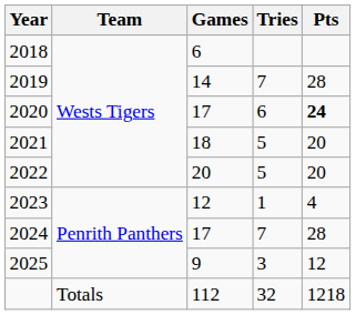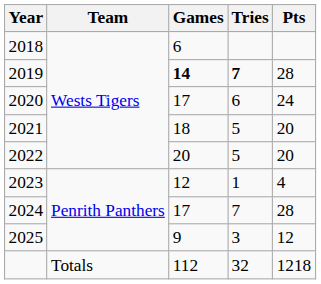 <table class="wikitable">
 <tr>
 <th>Year</th>
 <th>Team</th>
 <th>Games</th>
 <th>Tries</th>
 <th>Pts</th>
 </tr>
 <tr>
 <td>2018</td>
 <td rowspan="5"> <a href='#'>Wests Tigers</a></td>
 <td>6</td>
 <td></td>
 <td></td>
 </tr>
 <tr>
 <td>2019</td>
-<td>14</td>
-<td>7</td>
+<td><strong>14</strong></td>
+<td><strong>7</strong></td>
 <td>28</td>
 </tr>
 <tr>
 <td>2020</td>
 <td>17</td>
 <td>6</td>
-<td><strong>24</strong></td>
+<td>24</td>
 </tr>
 <tr>
 <td>2021</td>
 <td>18</td>
 <td>5</td>
 <td>20</td>
 </tr>
 <tr>
 <td>2022</td>
 <td>20</td>
 <td>5</td>
 <td>20</td>
 </tr>
 <tr>
 <td>2023</td>
 <td rowspan="3"> <a href='#'>Penrith Panthers</a></td>
 <td>12</td>
 <td>1</td>
 <td>4</td>
 </tr>
 <tr>
 <td>2024</td>
 <td>17</td>
 <td>7</td>
 <td>28</td>
 </tr>
 <tr>
 <td>2025</td>
 <td>9</td>
 <td>3</td>
 <td>12</td>
 </tr>
 <tr>
 <td></td>
 <td>Totals</td>
 <td>112</td>
 <td>32</td>
 <td>1218</td>
 </tr>
 </table>
